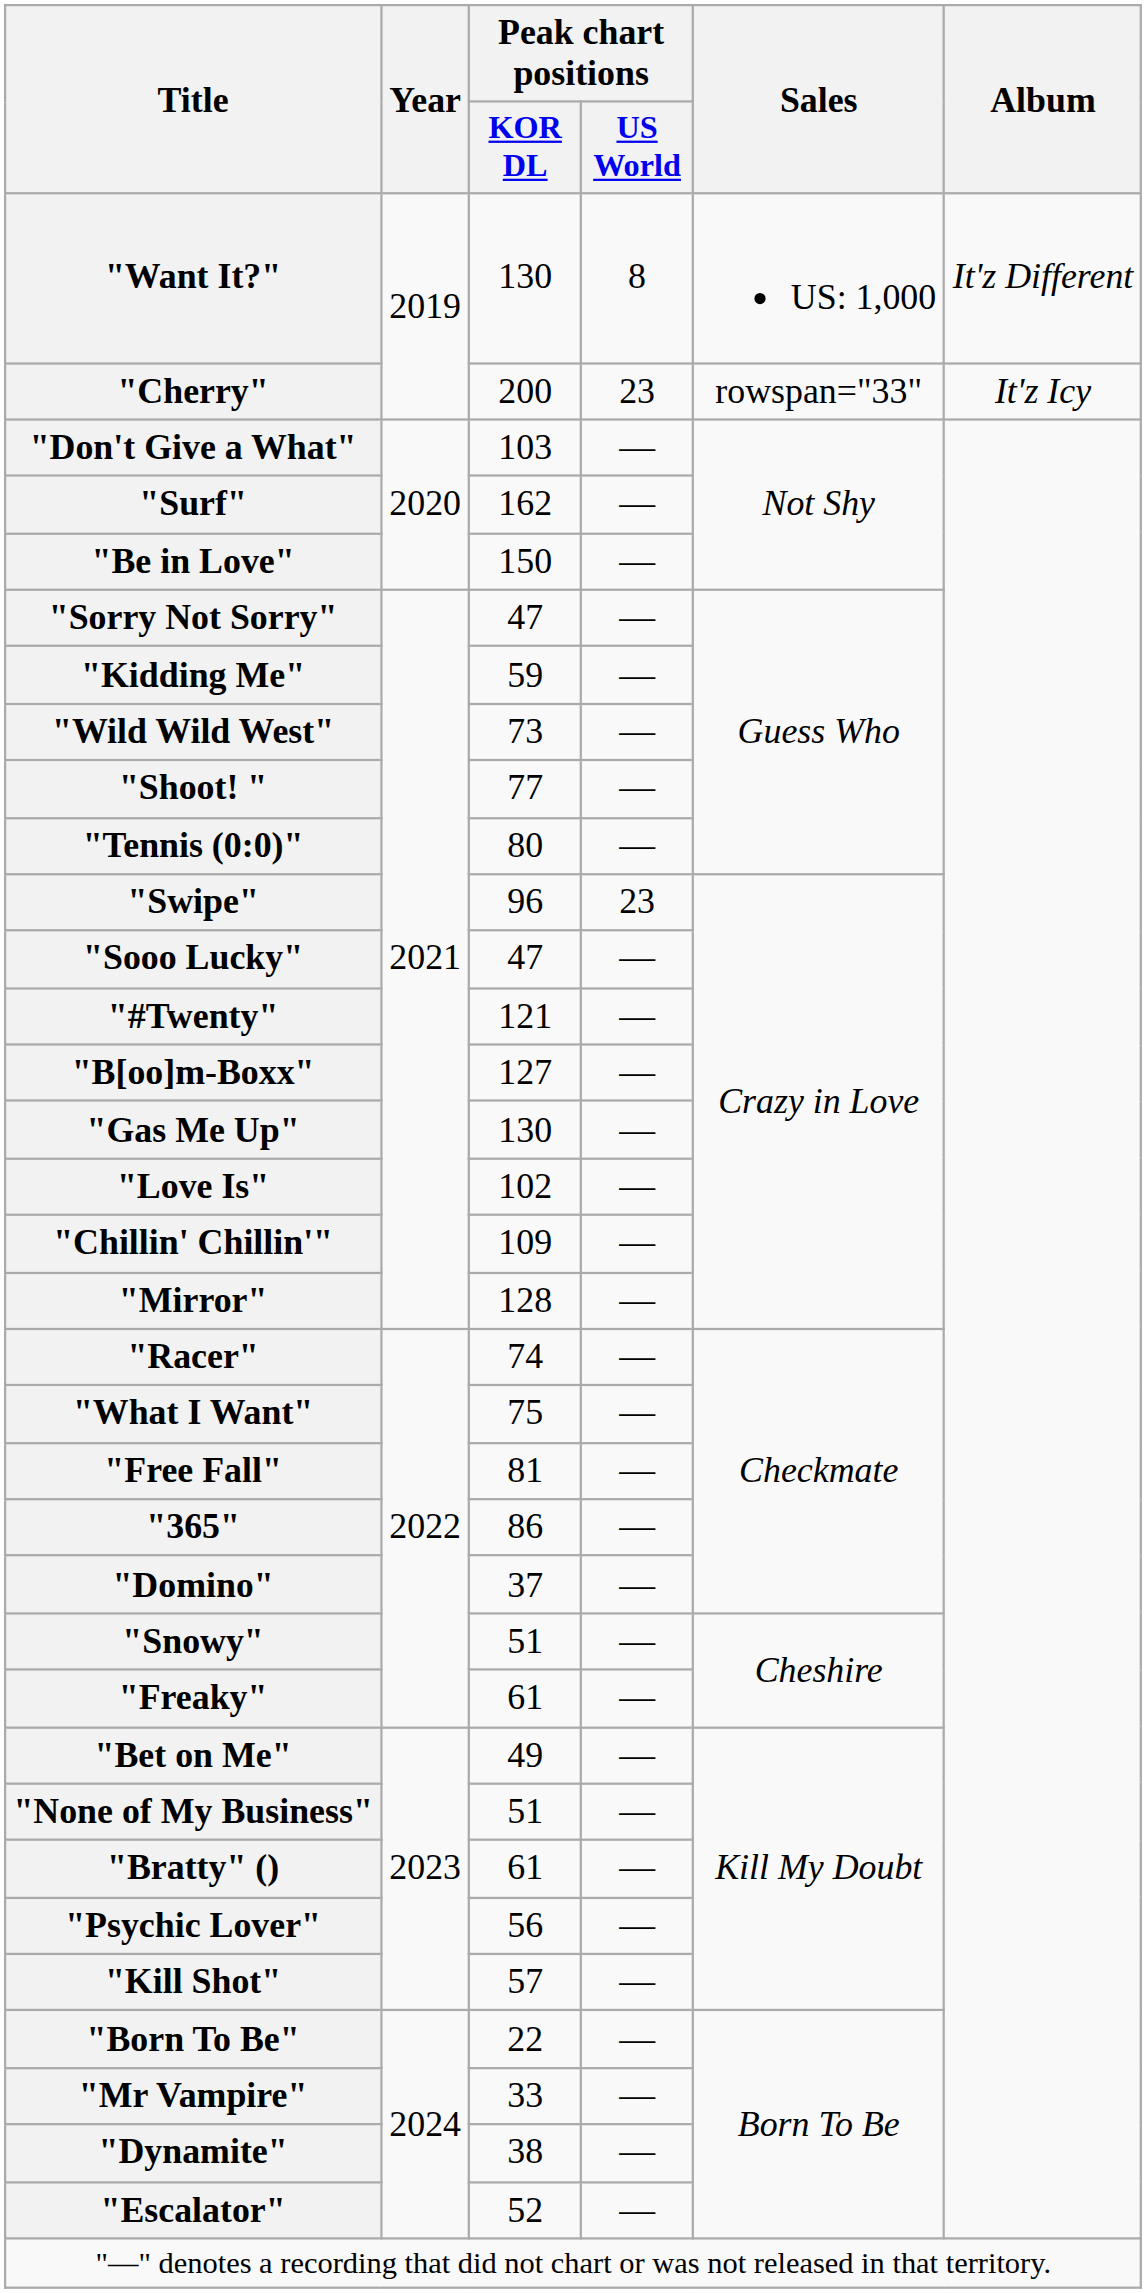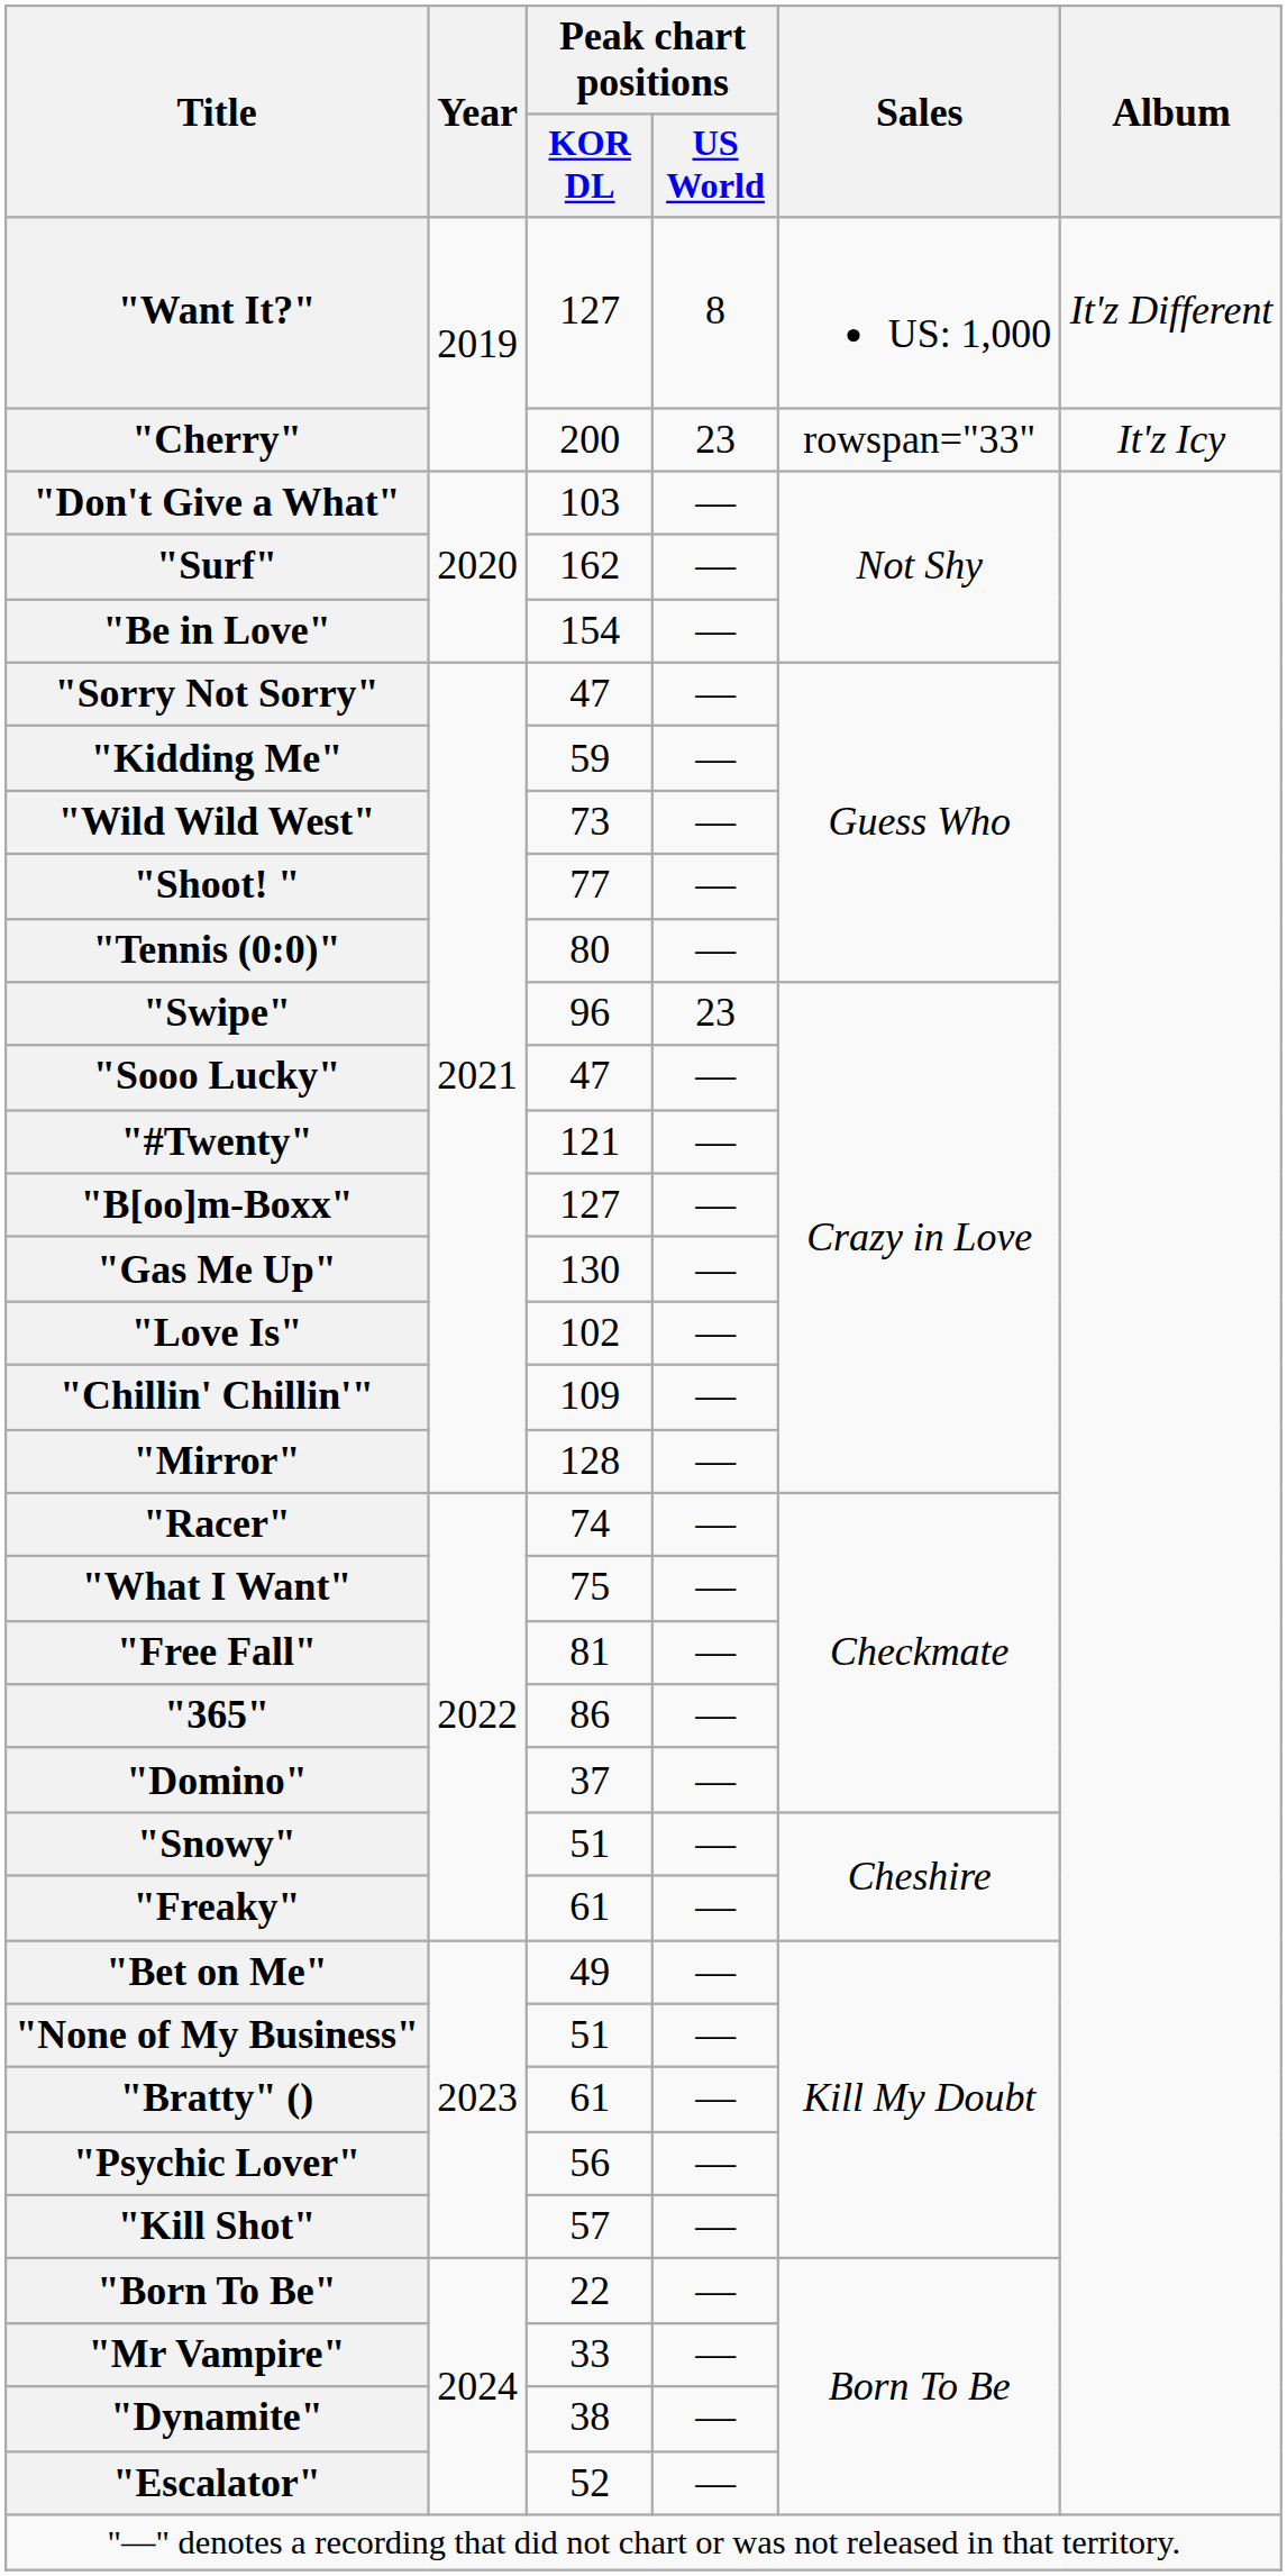 <table class="wikitable plainrowheaders" style="text-align:center">
 <tr>
 <th scope="col" rowspan="2">Title</th>
 <th scope="col" rowspan="2">Year</th>
 <th scope="col" colspan="2">Peak chart<br>positions</th>
 <th scope="col" rowspan="2">Sales</th>
 <th scope="col" rowspan="2">Album</th>
 </tr>
 <tr>
 <th scope="col" style="width:3em;font-size:90%"><a href='#'>KOR<br>DL</a><br></th>
 <th scope="col" style="width:3em;font-size:90%"><a href='#'>US World</a><br></th>
 </tr>
 <tr>
 <th scope="row">"Want It?"</th>
 <td rowspan="2">2019</td>
-<td>130</td>
+<td>127</td>
 <td>8</td>
 <td><br><ul><li>US: 1,000</li></ul></td>
 <td><em>It'z Different</em></td>
 </tr>
 <tr>
 <th scope="row">"Cherry"</th>
 <td>200</td>
 <td>23</td>
 <td>rowspan="33" </td>
 <td><em>It'z Icy</em></td>
 </tr>
 <tr>
 <th scope="row">"Don't Give a What"</th>
 <td rowspan="3">2020</td>
 <td>103</td>
 <td>—</td>
 <td rowspan="3"><em>Not Shy</em></td>
 </tr>
 <tr>
 <th scope="row">"Surf"</th>
 <td>162</td>
 <td>—</td>
 </tr>
 <tr>
 <th scope="row">"Be in Love"</th>
-<td>150</td>
+<td>154</td>
 <td>—</td>
 </tr>
 <tr>
 <th scope="row">"Sorry Not Sorry"</th>
 <td rowspan="13">2021</td>
 <td>47</td>
 <td>—</td>
 <td rowspan="5"><em>Guess Who</em></td>
 </tr>
 <tr>
 <th scope="row">"Kidding Me"</th>
 <td>59</td>
 <td>—</td>
 </tr>
 <tr>
 <th scope="row">"Wild Wild West"</th>
 <td>73</td>
 <td>—</td>
 </tr>
 <tr>
 <th scope="row">"Shoot! "</th>
 <td>77</td>
 <td>—</td>
 </tr>
 <tr>
 <th scope="row">"Tennis (0:0)"</th>
 <td>80</td>
 <td>—</td>
 </tr>
 <tr>
 <th scope="row">"Swipe"</th>
 <td>96</td>
 <td>23</td>
 <td rowspan="8"><em>Crazy in Love</em></td>
 </tr>
 <tr>
 <th scope="row">"Sooo Lucky"</th>
 <td>47</td>
 <td>—</td>
 </tr>
 <tr>
 <th scope="row">"#Twenty"</th>
 <td>121</td>
 <td>—</td>
 </tr>
 <tr>
 <th scope="row">"B[oo]m-Boxx"</th>
 <td>127</td>
 <td>—</td>
 </tr>
 <tr>
 <th scope="row">"Gas Me Up"</th>
 <td>130</td>
 <td>—</td>
 </tr>
 <tr>
 <th scope="row">"Love Is"</th>
 <td>102</td>
 <td>—</td>
 </tr>
 <tr>
 <th scope="row">"Chillin' Chillin'"</th>
 <td>109</td>
 <td>—</td>
 </tr>
 <tr>
 <th scope="row">"Mirror"</th>
 <td>128</td>
 <td>—</td>
 </tr>
 <tr>
 <th scope="row">"Racer"</th>
 <td rowspan="7">2022</td>
 <td>74</td>
 <td>—</td>
 <td rowspan="5"><em>Checkmate</em></td>
 </tr>
 <tr>
 <th scope="row">"What I Want"</th>
 <td>75</td>
 <td>—</td>
 </tr>
 <tr>
 <th scope="row">"Free Fall"</th>
 <td>81</td>
 <td>—</td>
 </tr>
 <tr>
 <th scope="row">"365"</th>
 <td>86</td>
 <td>—</td>
 </tr>
 <tr>
 <th scope="row">"Domino"</th>
 <td>37</td>
 <td>—</td>
 </tr>
 <tr>
 <th scope="row">"Snowy"</th>
 <td>51</td>
 <td>—</td>
 <td rowspan="2"><em>Cheshire</em></td>
 </tr>
 <tr>
 <th scope="row">"Freaky"</th>
 <td>61</td>
 <td>—</td>
 </tr>
 <tr>
 <th scope="row">"Bet on Me"</th>
 <td rowspan="5">2023</td>
 <td>49</td>
 <td>—</td>
 <td rowspan="5"><em>Kill My Doubt</em></td>
 </tr>
 <tr>
 <th scope="row">"None of My Business"</th>
 <td>51</td>
 <td>—</td>
 </tr>
 <tr>
 <th scope="row">"Bratty" ()</th>
 <td>61</td>
 <td>—</td>
 </tr>
 <tr>
 <th scope="row">"Psychic Lover"</th>
 <td>56</td>
 <td>—</td>
 </tr>
 <tr>
 <th scope="row">"Kill Shot"</th>
 <td>57</td>
 <td>—</td>
 </tr>
 <tr>
 <th scope="row">"Born To Be"</th>
 <td rowspan="4">2024</td>
 <td>22</td>
 <td>—</td>
 <td rowspan="4"><em>Born To Be</em></td>
 </tr>
 <tr>
 <th scope="row">"Mr Vampire"</th>
 <td>33</td>
 <td>—</td>
 </tr>
 <tr>
 <th scope="row">"Dynamite"</th>
 <td>38</td>
 <td>—</td>
 </tr>
 <tr>
 <th scope="row">"Escalator"</th>
 <td>52</td>
 <td>—</td>
 </tr>
 <tr>
 <td colspan="6" style="font-size:85%">"—" denotes a recording that did not chart or was not released in that territory.</td>
 </tr>
 </table>
